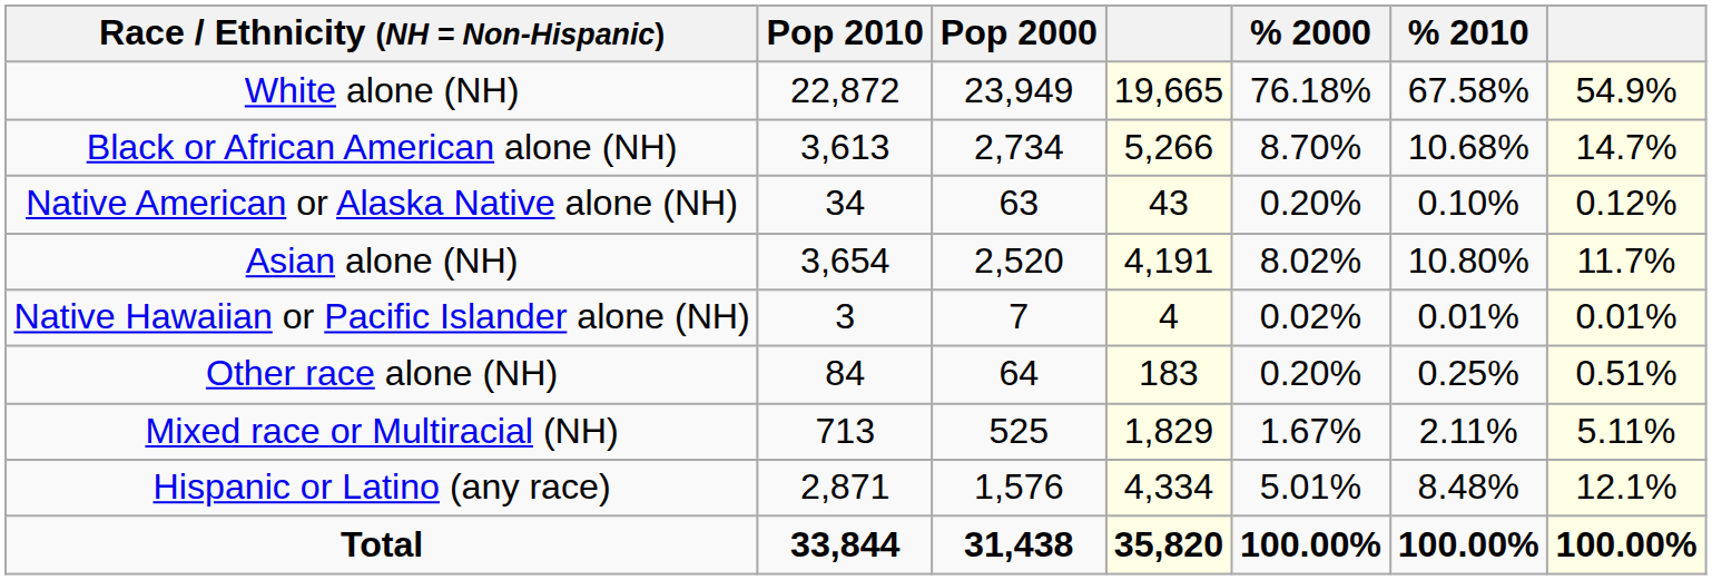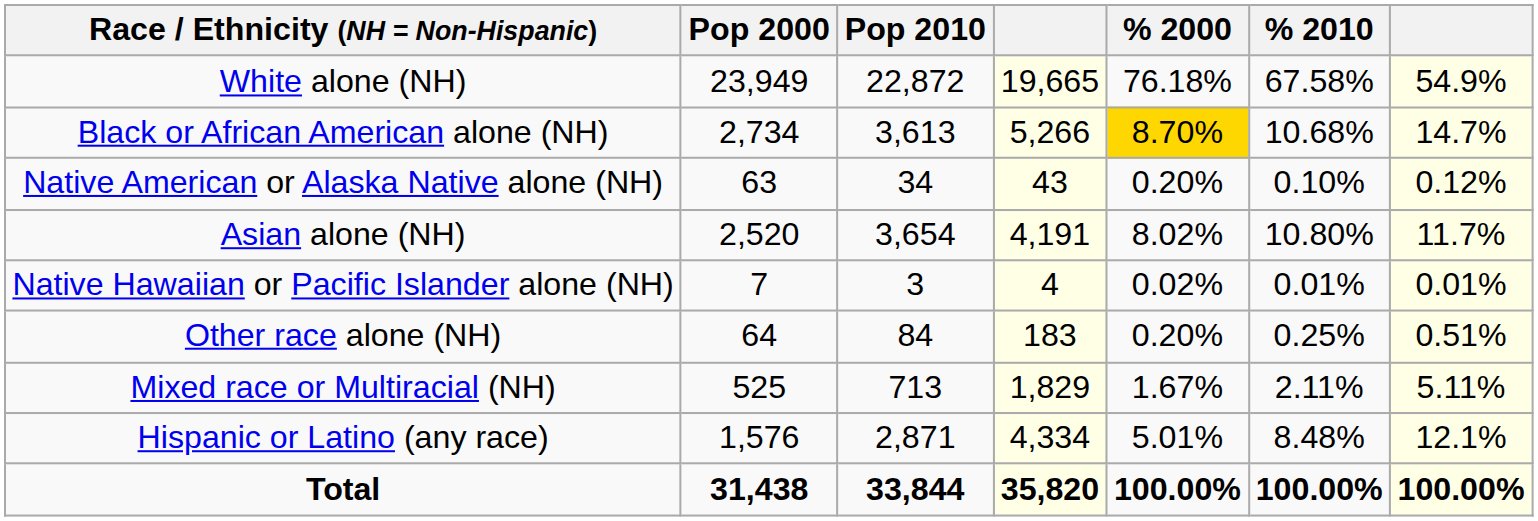 <table class="wikitable" style="text-align:center;">
 <tr>
 <th>Race / Ethnicity <small>(<em>NH = Non-Hispanic</em>)</small></th>
+<th>Pop 2000</th>
 <th>Pop 2010</th>
-<th>Pop 2000</th>
 <th></th>
 <th>% 2000</th>
 <th>% 2010</th>
 <th></th>
 </tr>
 <tr>
 <td><a href='#'>White</a> alone (NH)</td>
+<td>23,949</td>
 <td>22,872</td>
-<td>23,949</td>
 <td style='background: #ffffe6;'>19,665</td>
 <td>76.18%</td>
 <td>67.58%</td>
 <td style='background: #ffffe6;'>54.9%</td>
 </tr>
 <tr>
 <td><a href='#'>Black or African American</a> alone (NH)</td>
+<td>2,734</td>
 <td>3,613</td>
-<td>2,734</td>
 <td style='background: #ffffe6;'>5,266</td>
-<td>8.70%</td>
+<td style="background: gold;">8.70%</td>
 <td>10.68%</td>
 <td style='background: #ffffe6;'>14.7%</td>
 </tr>
 <tr>
 <td><a href='#'>Native American</a> or <a href='#'>Alaska Native</a> alone (NH)</td>
+<td>63</td>
 <td>34</td>
-<td>63</td>
 <td style='background: #ffffe6;'>43</td>
 <td>0.20%</td>
 <td>0.10%</td>
 <td style='background: #ffffe6;'>0.12%</td>
 </tr>
 <tr>
 <td><a href='#'>Asian</a> alone (NH)</td>
+<td>2,520</td>
 <td>3,654</td>
-<td>2,520</td>
 <td style='background: #ffffe6;'>4,191</td>
 <td>8.02%</td>
 <td>10.80%</td>
 <td style='background: #ffffe6;'>11.7%</td>
 </tr>
 <tr>
 <td><a href='#'>Native Hawaiian</a> or <a href='#'>Pacific Islander</a> alone (NH)</td>
+<td>7</td>
 <td>3</td>
-<td>7</td>
 <td style='background: #ffffe6;'>4</td>
 <td>0.02%</td>
 <td>0.01%</td>
 <td style='background: #ffffe6;'>0.01%</td>
 </tr>
 <tr>
 <td><a href='#'>Other race</a> alone (NH)</td>
+<td>64</td>
 <td>84</td>
-<td>64</td>
 <td style='background: #ffffe6;'>183</td>
 <td>0.20%</td>
 <td>0.25%</td>
 <td style='background: #ffffe6;'>0.51%</td>
 </tr>
 <tr>
 <td><a href='#'>Mixed race or Multiracial</a> (NH)</td>
+<td>525</td>
 <td>713</td>
-<td>525</td>
 <td style='background: #ffffe6;'>1,829</td>
 <td>1.67%</td>
 <td>2.11%</td>
 <td style='background: #ffffe6;'>5.11%</td>
 </tr>
 <tr>
 <td><a href='#'>Hispanic or Latino</a> (any race)</td>
+<td>1,576</td>
 <td>2,871</td>
-<td>1,576</td>
 <td style='background: #ffffe6;'>4,334</td>
 <td>5.01%</td>
 <td>8.48%</td>
 <td style='background: #ffffe6;'>12.1%</td>
 </tr>
 <tr>
 <td><strong>Total</strong></td>
+<td><strong>31,438</strong></td>
 <td><strong>33,844</strong></td>
-<td><strong>31,438</strong></td>
 <td style='background: #ffffe6;'><strong>35,820</strong></td>
 <td><strong>100.00%</strong></td>
 <td><strong>100.00%</strong></td>
 <td style='background: #ffffe6;'><strong>100.00%</strong></td>
 </tr>
 </table>
